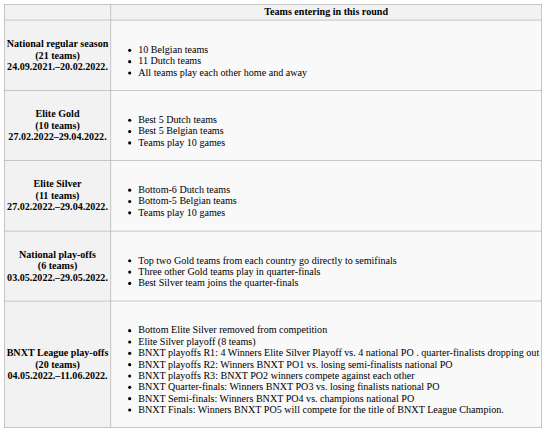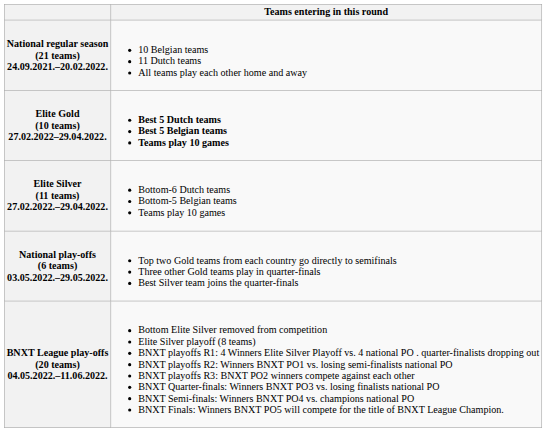 <table class="wikitable">
 <tr>
 <th colspan=2></th>
 <th>Teams entering in this round</th>
 </tr>
 <tr>
 <th colspan=2>National regular season<br>(21 teams)<br>24.09.2021.–20.02.2022.</th>
 <td><br><ul><li>10 Belgian teams</li><li>11 Dutch teams</li><li>All teams play each other home and away</li></ul></td>
 </tr>
 <tr>
 <th colspan=2>Elite Gold<br>(10 teams)<br>27.02.2022–29.04.2022.</th>
-<td><br><ul><li>Best 5 Dutch teams</li><li>Best 5 Belgian teams</li><li>Teams play 10 games</li></ul></td>
+<td><strong><br><ul><li>Best 5 Dutch teams</li><li>Best 5 Belgian teams</li><li>Teams play 10 games</li></ul></strong></td>
 </tr>
 <tr>
 <th colspan=2>Elite Silver<br>(11 teams)<br>27.02.2022.–29.04.2022.</th>
 <td><br><ul><li>Bottom-6 Dutch teams</li><li>Bottom-5 Belgian teams</li><li>Teams play 10 games</li></ul></td>
 </tr>
 <tr>
 <th colspan=2>National play-offs<br>(6 teams)<br>03.05.2022.–29.05.2022.</th>
 <td><br><ul><li>Top two Gold teams from each country go directly to semifinals</li><li>Three other Gold teams play in quarter-finals</li><li>Best Silver team joins the quarter-finals</li></ul></td>
 </tr>
 <tr>
 <th colspan=2>BNXT League play-offs<br>(20 teams)<br>04.05.2022.–11.06.2022.</th>
 <td><br><ul><li>Bottom Elite Silver removed from competition</li><li>Elite Silver playoff (8 teams)</li><li>BNXT playoffs R1: 4 Winners Elite Silver Playoff vs. 4 national PO . quarter-finalists dropping out</li><li>BNXT playoffs R2: Winners BNXT PO1 vs. losing semi-finalists national PO</li><li>BNXT playoffs R3: BNXT PO2 winners compete against each other</li><li>BNXT Quarter-finals: Winners BNXT PO3 vs. losing finalists national PO</li><li>BNXT Semi-finals: Winners BNXT PO4 vs. champions national PO</li><li>BNXT Finals: Winners BNXT PO5 will compete for the title of BNXT League Champion.</li></ul></td>
 </tr>
 </table>
